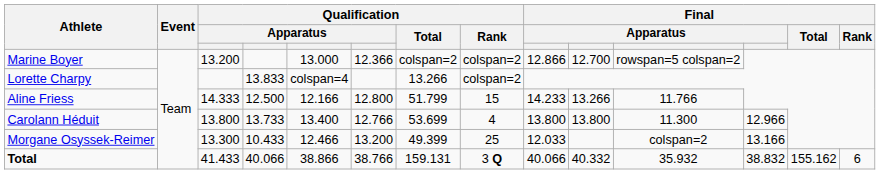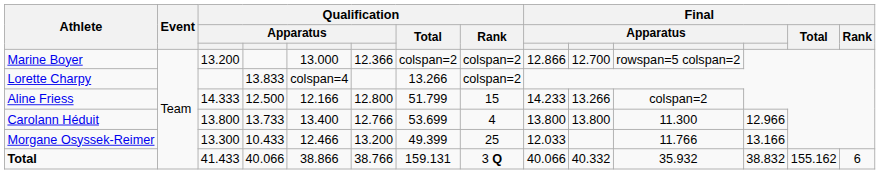 <table class="wikitable" style="font-size:90%">
 <tr>
 <th rowspan=3>Athlete</th>
 <th rowspan=3>Event</th>
 <th colspan=6>Qualification</th>
 <th colspan=6>Final</th>
 </tr>
 <tr style="font-size:95%">
 <th colspan=4>Apparatus</th>
 <th rowspan=2>Total</th>
 <th rowspan=2>Rank</th>
 <th colspan=4>Apparatus</th>
 <th rowspan=2>Total</th>
 <th rowspan=2>Rank</th>
 </tr>
 <tr style="font-size:95%">
 <th></th>
 <th></th>
 <th></th>
 <th></th>
 <th></th>
 <th></th>
 <th></th>
 <th></th>
 </tr>
 <tr align=center>
 <td align=left><a href='#'>Marine Boyer</a></td>
 <td align=left rowspan=6>Team</td>
 <td>13.200</td>
 <td></td>
 <td>13.000</td>
 <td>12.366</td>
 <td>colspan=2</td>
 <td>colspan=2</td>
 <td>12.866</td>
 <td>12.700</td>
 <td>rowspan=5 colspan=2</td>
 </tr>
 <tr align=center>
 <td align=left><a href='#'>Lorette Charpy</a></td>
 <td></td>
 <td>13.833</td>
 <td>colspan=4</td>
 <td></td>
 <td>13.266</td>
 <td>colspan=2</td>
 </tr>
 <tr align=center>
 <td align=left><a href='#'>Aline Friess</a></td>
 <td>14.333</td>
 <td>12.500</td>
 <td>12.166</td>
 <td>12.800</td>
 <td>51.799</td>
 <td>15</td>
 <td>14.233</td>
 <td>13.266</td>
-<td>11.766</td>
+<td>colspan=2</td>
 </tr>
 <tr align=center>
 <td align=left><a href='#'>Carolann Héduit</a></td>
 <td>13.800</td>
 <td>13.733</td>
 <td>13.400</td>
 <td>12.766</td>
 <td>53.699</td>
 <td>4</td>
 <td>13.800</td>
 <td>13.800</td>
 <td>11.300</td>
 <td>12.966</td>
 </tr>
 <tr align=center>
 <td align=left><a href='#'>Morgane Osyssek-Reimer</a></td>
 <td>13.300</td>
 <td>10.433</td>
 <td>12.466</td>
 <td>13.200</td>
 <td>49.399</td>
 <td>25</td>
 <td>12.033</td>
 <td></td>
-<td>colspan=2</td>
+<td>11.766</td>
 <td>13.166</td>
 </tr>
 <tr align=center>
 <td align=left><strong>Total</strong></td>
 <td>41.433</td>
 <td>40.066</td>
 <td>38.866</td>
 <td>38.766</td>
 <td>159.131</td>
 <td>3 <strong>Q</strong></td>
 <td>40.066</td>
 <td>40.332</td>
 <td>35.932</td>
 <td>38.832</td>
 <td>155.162</td>
 <td>6</td>
 </tr>
 </table>
